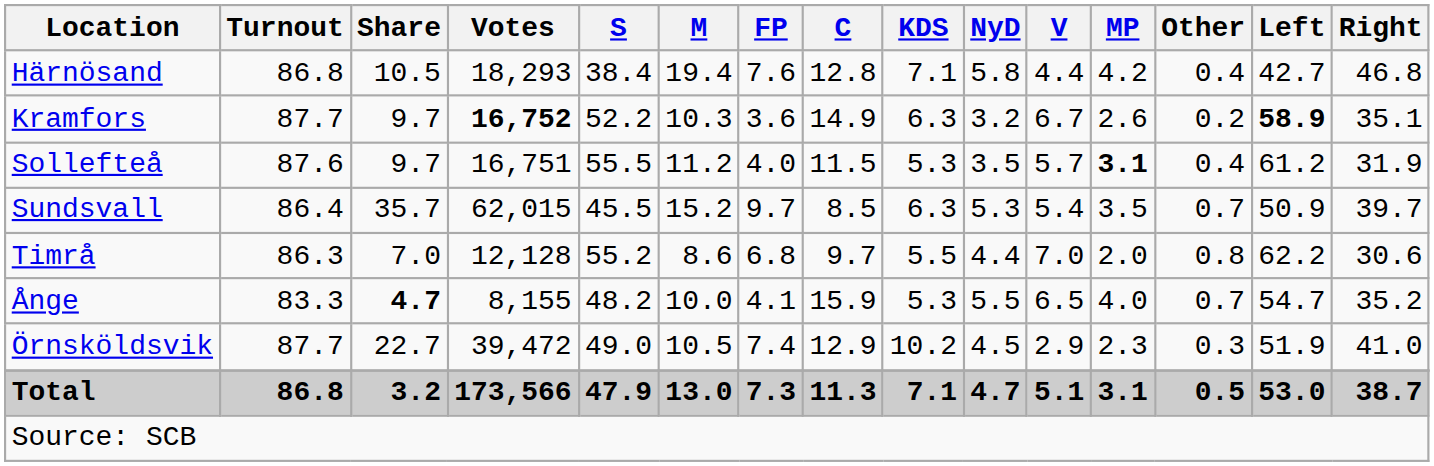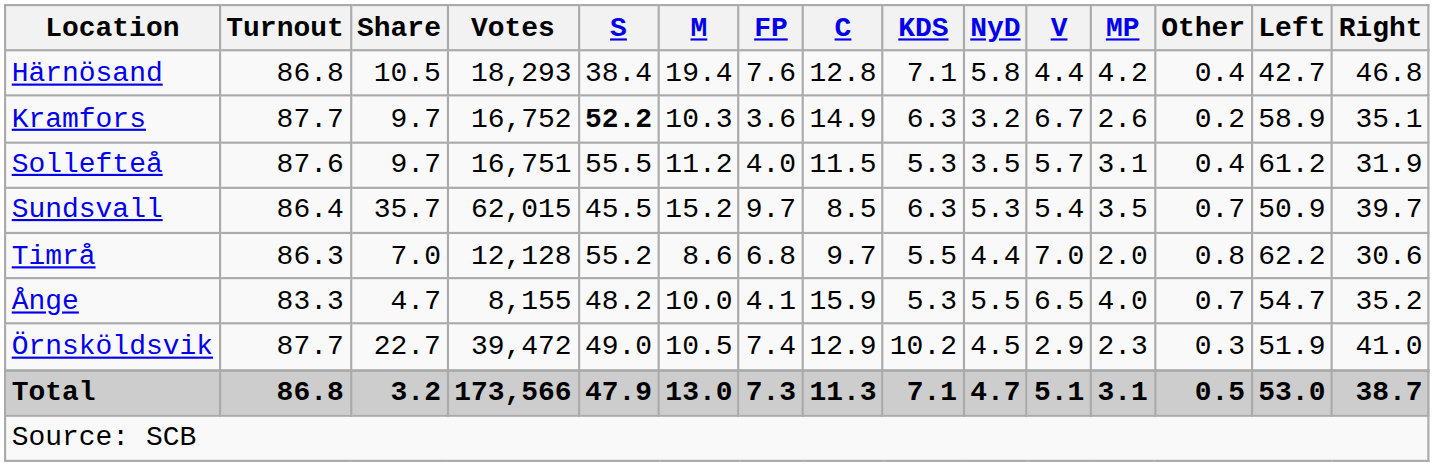 <table class="wikitable sortable" style=text-align:right>
 <tr>
 <th>Location</th>
 <th>Turnout</th>
 <th>Share</th>
 <th>Votes</th>
 <th><a href='#'>S</a></th>
 <th><a href='#'>M</a></th>
 <th><a href='#'>FP</a></th>
 <th><a href='#'>C</a></th>
 <th><a href='#'>KDS</a></th>
 <th><a href='#'>NyD</a></th>
 <th><a href='#'>V</a></th>
 <th><a href='#'>MP</a></th>
 <th>Other</th>
 <th>Left</th>
 <th>Right</th>
 </tr>
 <tr>
 <td align=left><a href='#'>Härnösand</a></td>
 <td>86.8</td>
 <td>10.5</td>
 <td>18,293</td>
 <td>38.4</td>
 <td>19.4</td>
 <td>7.6</td>
 <td>12.8</td>
 <td>7.1</td>
 <td>5.8</td>
 <td>4.4</td>
 <td>4.2</td>
 <td>0.4</td>
 <td>42.7</td>
 <td>46.8</td>
 </tr>
 <tr>
 <td align=left><a href='#'>Kramfors</a></td>
 <td>87.7</td>
 <td>9.7</td>
-<td><strong>16,752</strong></td>
-<td>52.2</td>
+<td>16,752</td>
+<td><strong>52.2</strong></td>
 <td>10.3</td>
 <td>3.6</td>
 <td>14.9</td>
 <td>6.3</td>
 <td>3.2</td>
 <td>6.7</td>
 <td>2.6</td>
 <td>0.2</td>
-<td><strong>58.9</strong></td>
+<td>58.9</td>
 <td>35.1</td>
 </tr>
 <tr>
 <td align=left><a href='#'>Sollefteå</a></td>
 <td>87.6</td>
 <td>9.7</td>
 <td>16,751</td>
 <td>55.5</td>
 <td>11.2</td>
 <td>4.0</td>
 <td>11.5</td>
 <td>5.3</td>
 <td>3.5</td>
 <td>5.7</td>
-<td><strong>3.1</strong></td>
+<td>3.1</td>
 <td>0.4</td>
 <td>61.2</td>
 <td>31.9</td>
 </tr>
 <tr>
 <td align=left><a href='#'>Sundsvall</a></td>
 <td>86.4</td>
 <td>35.7</td>
 <td>62,015</td>
 <td>45.5</td>
 <td>15.2</td>
 <td>9.7</td>
 <td>8.5</td>
 <td>6.3</td>
 <td>5.3</td>
 <td>5.4</td>
 <td>3.5</td>
 <td>0.7</td>
 <td>50.9</td>
 <td>39.7</td>
 </tr>
 <tr>
 <td align=left><a href='#'>Timrå</a></td>
 <td>86.3</td>
 <td>7.0</td>
 <td>12,128</td>
 <td>55.2</td>
 <td>8.6</td>
 <td>6.8</td>
 <td>9.7</td>
 <td>5.5</td>
 <td>4.4</td>
 <td>7.0</td>
 <td>2.0</td>
 <td>0.8</td>
 <td>62.2</td>
 <td>30.6</td>
 </tr>
 <tr>
 <td align=left><a href='#'>Ånge</a></td>
 <td>83.3</td>
-<td><strong>4.7</strong></td>
+<td>4.7</td>
 <td>8,155</td>
 <td>48.2</td>
 <td>10.0</td>
 <td>4.1</td>
 <td>15.9</td>
 <td>5.3</td>
 <td>5.5</td>
 <td>6.5</td>
 <td>4.0</td>
 <td>0.7</td>
 <td>54.7</td>
 <td>35.2</td>
 </tr>
 <tr>
 <td align=left><a href='#'>Örnsköldsvik</a></td>
 <td>87.7</td>
 <td>22.7</td>
 <td>39,472</td>
 <td>49.0</td>
 <td>10.5</td>
 <td>7.4</td>
 <td>12.9</td>
 <td>10.2</td>
 <td>4.5</td>
 <td>2.9</td>
 <td>2.3</td>
 <td>0.3</td>
 <td>51.9</td>
 <td>41.0</td>
 </tr>
 <tr>
 </tr>
 <tr style="background:#CDCDCD;">
 <td align=left><strong>Total</strong></td>
 <td><strong>86.8</strong></td>
 <td><strong>3.2</strong></td>
 <td><strong>173,566</strong></td>
 <td><strong>47.9</strong></td>
 <td><strong>13.0</strong></td>
 <td><strong>7.3</strong></td>
 <td><strong>11.3</strong></td>
 <td><strong>7.1</strong></td>
 <td><strong>4.7</strong></td>
 <td><strong>5.1</strong></td>
 <td><strong>3.1</strong></td>
 <td><strong>0.5</strong></td>
 <td><strong>53.0</strong></td>
 <td><strong>38.7</strong></td>
 </tr>
 <tr>
 <td align=left colspan=15>Source: SCB </td>
 </tr>
 </table>
